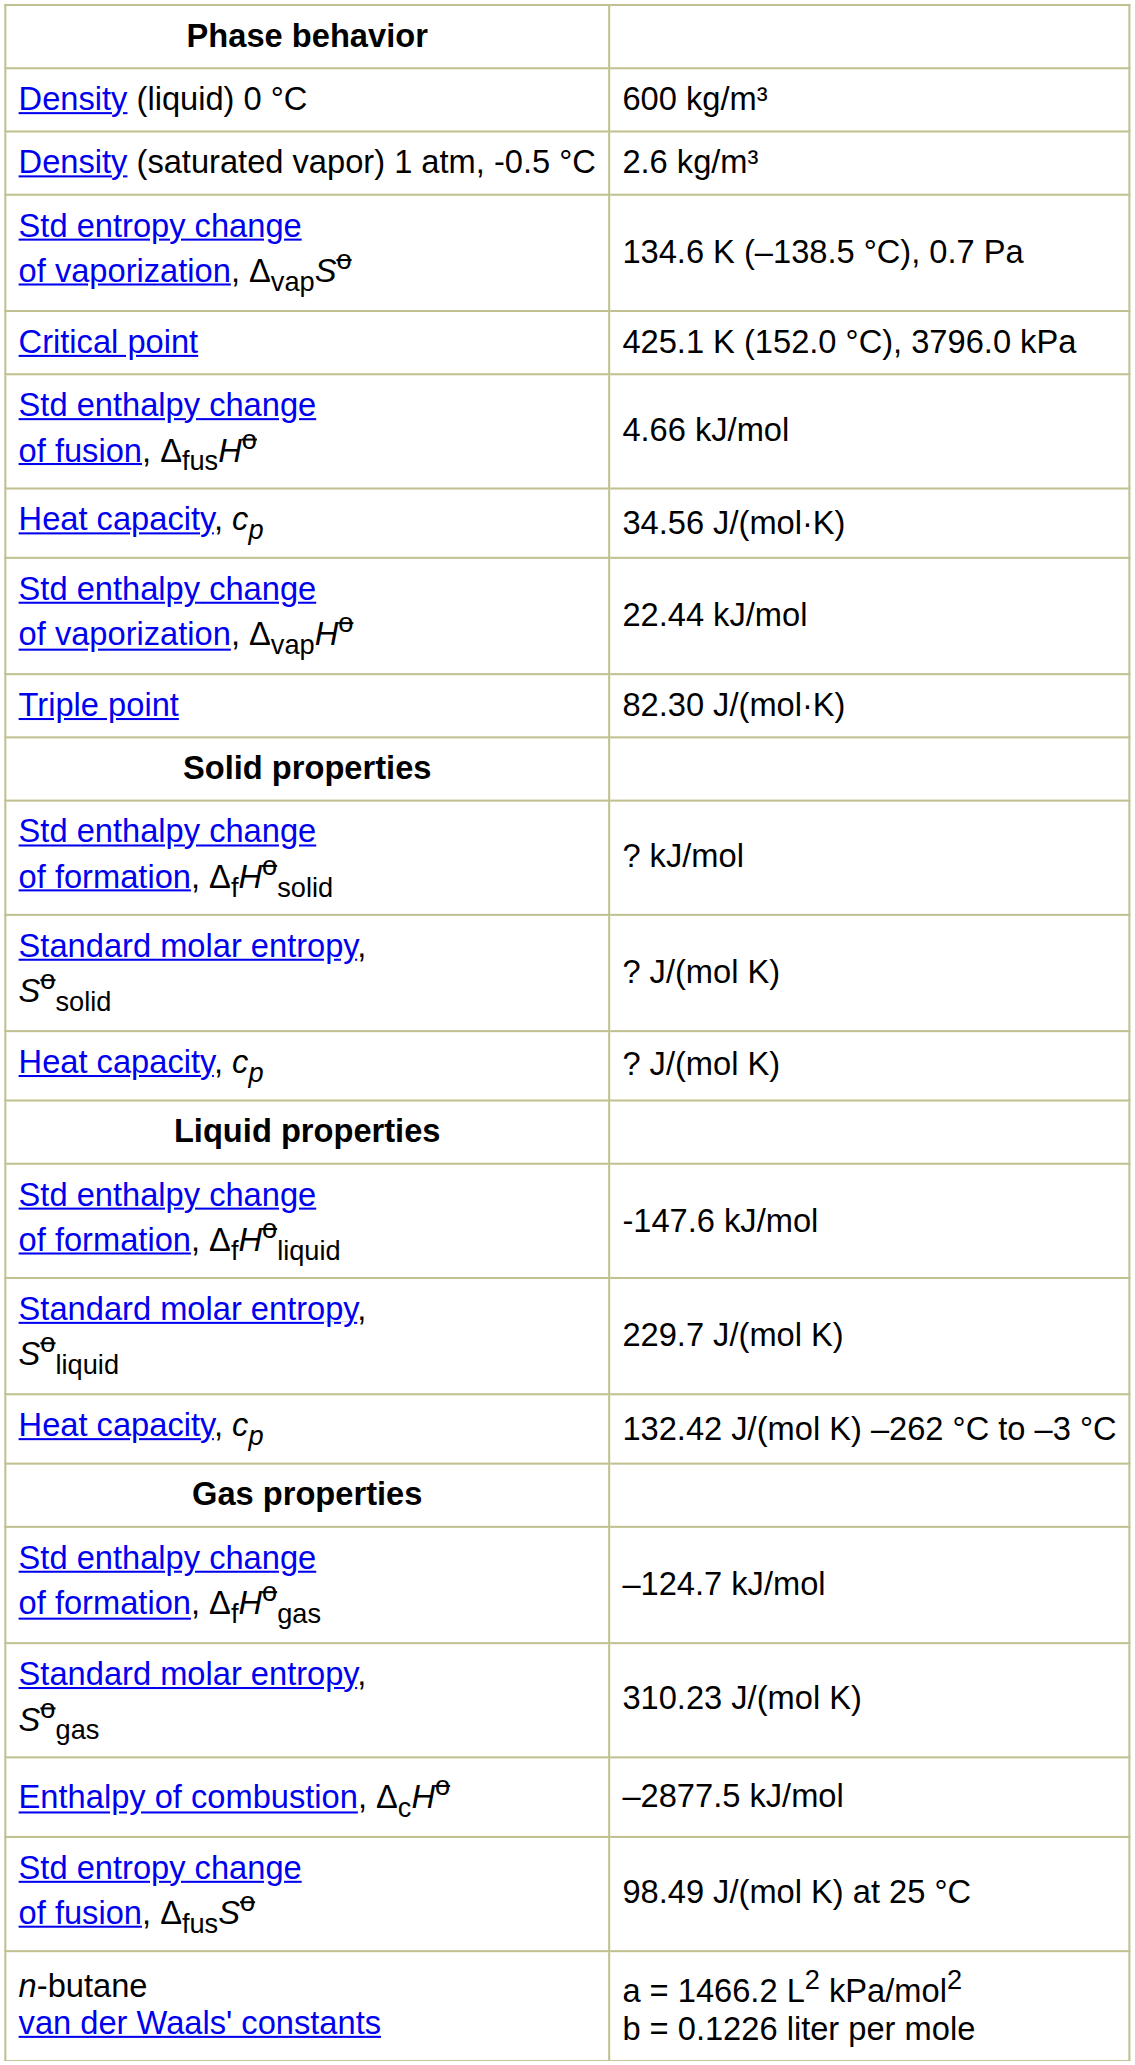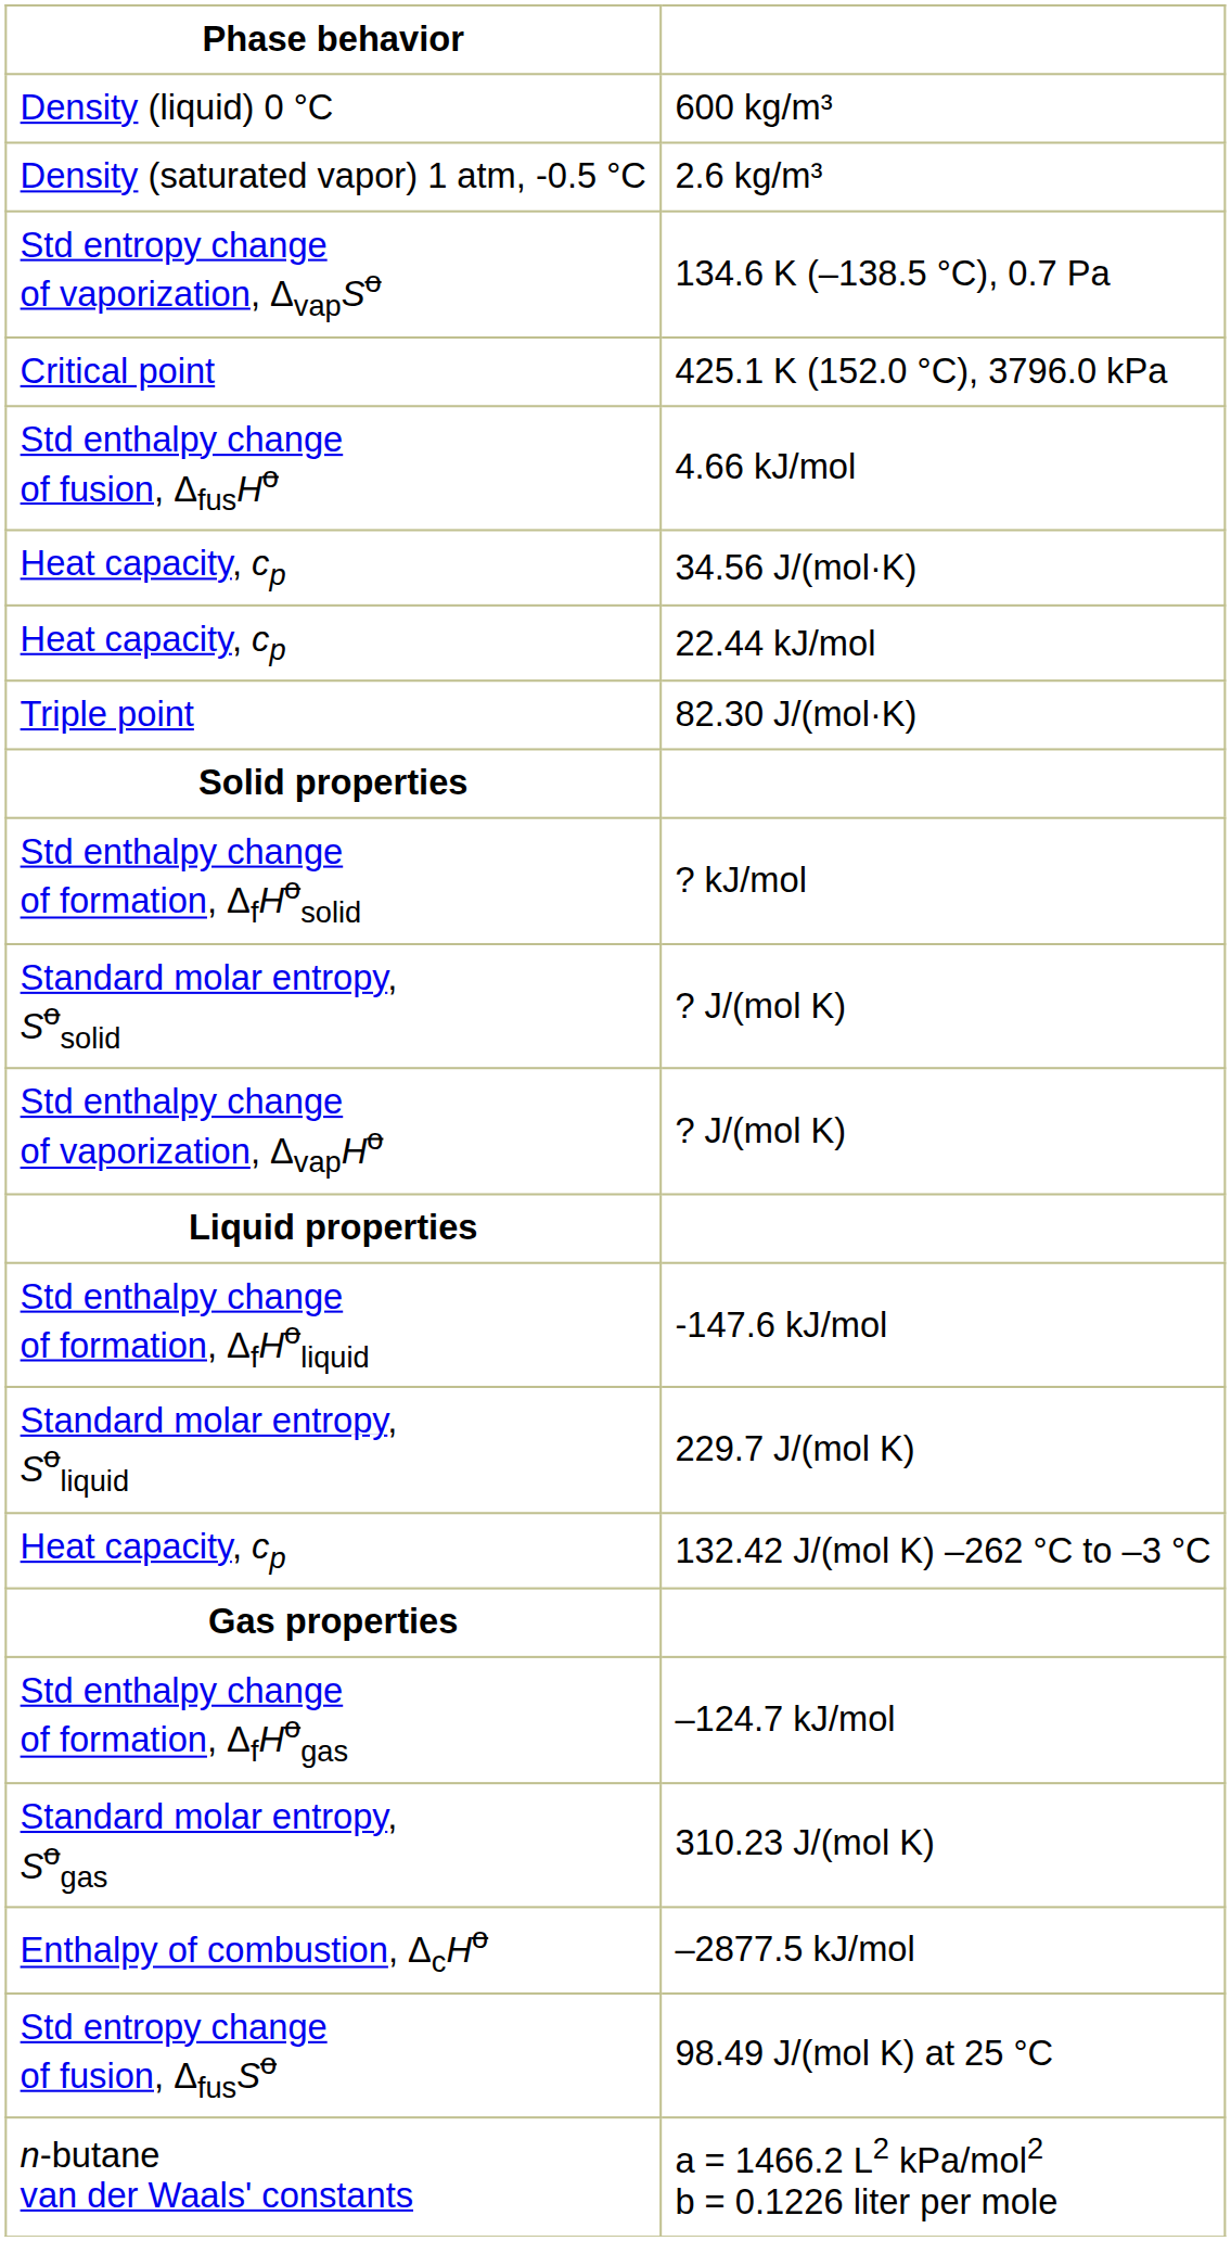 <table border="1" cellspacing="0" cellpadding="6" style="margin: 0 0 0 0.5em; background: #FFFFFF; border-collapse: collapse; border-color: #C0C090;">
 <tr>
 <th>Phase behavior</th>
 </tr>
 <tr>
 <td><a href='#'>Density</a> (liquid) 0 °C</td>
 <td>600 kg/m³</td>
 </tr>
 <tr>
 <td><a href='#'>Density</a> (saturated vapor) 1 atm, -0.5 °C</td>
 <td>2.6 kg/m³</td>
 </tr>
 <tr>
 <td><a href='#'>Std entropy change<br>of vaporization</a>, Δ<sub>vap</sub><em>S</em><sup><s>o</s></sup></td>
 <td>134.6 K (–138.5 °C), 0.7 Pa</td>
 </tr>
 <tr>
 <td><a href='#'>Critical point</a></td>
 <td>425.1 K (152.0 °C), 3796.0 kPa</td>
 </tr>
 <tr>
 <td><a href='#'>Std enthalpy change<br>of fusion</a>, Δ<sub>fus</sub><em>H</em><sup><s>o</s></sup></td>
 <td>4.66 kJ/mol</td>
 </tr>
 <tr>
 <td><a href='#'>Heat capacity</a>, <em>c<sub>p</sub></em></td>
 <td>34.56 J/(mol·K)</td>
 </tr>
 <tr>
-<td><a href='#'>Std enthalpy change<br>of vaporization</a>, Δ<sub>vap</sub><em>H</em><sup><s>o</s></sup></td>
+<td><a href='#'>Heat capacity</a>, <em>c<sub>p</sub></em></td>
 <td>22.44 kJ/mol</td>
 </tr>
 <tr>
 <td><a href='#'>Triple point</a></td>
 <td>82.30 J/(mol·K)</td>
 </tr>
 <tr>
 <th>Solid properties</th>
 </tr>
 <tr>
 <td><a href='#'>Std enthalpy change<br>of formation</a>, Δ<sub>f</sub><em>H</em><sup><s>o</s></sup><sub>solid</sub></td>
 <td>? kJ/mol</td>
 </tr>
 <tr>
 <td><a href='#'>Standard molar entropy</a>,<br><em>S</em><sup><s>o</s></sup><sub>solid</sub></td>
 <td>? J/(mol K)</td>
 </tr>
 <tr>
-<td><a href='#'>Heat capacity</a>, <em>c<sub>p</sub></em></td>
+<td><a href='#'>Std enthalpy change<br>of vaporization</a>, Δ<sub>vap</sub><em>H</em><sup><s>o</s></sup></td>
 <td>? J/(mol K)</td>
 </tr>
 <tr>
 <th>Liquid properties</th>
 </tr>
 <tr>
 <td><a href='#'>Std enthalpy change<br>of formation</a>, Δ<sub>f</sub><em>H</em><sup><s>o</s></sup><sub>liquid</sub></td>
 <td>-147.6 kJ/mol</td>
 </tr>
 <tr>
 <td><a href='#'>Standard molar entropy</a>,<br><em>S</em><sup><s>o</s></sup><sub>liquid</sub></td>
 <td>229.7 J/(mol K)</td>
 </tr>
 <tr>
 <td><a href='#'>Heat capacity</a>, <em>c<sub>p</sub></em></td>
 <td>132.42 J/(mol K) –262 °C to –3 °C</td>
 </tr>
 <tr>
 <th>Gas properties</th>
 </tr>
 <tr>
 <td><a href='#'>Std enthalpy change<br>of formation</a>, Δ<sub>f</sub><em>H</em><sup><s>o</s></sup><sub>gas</sub></td>
 <td>–124.7 kJ/mol</td>
 </tr>
 <tr>
 <td><a href='#'>Standard molar entropy</a>,<br><em>S</em><sup><s>o</s></sup><sub>gas</sub></td>
 <td>310.23 J/(mol K)</td>
 </tr>
 <tr>
 <td><a href='#'>Enthalpy of combustion</a>, Δ<sub>c</sub><em>H</em><sup><s>o</s></sup></td>
 <td>–2877.5 kJ/mol</td>
 </tr>
 <tr>
 <td><a href='#'>Std entropy change<br>of fusion</a>, Δ<sub>fus</sub><em>S</em><sup><s>o</s></sup></td>
 <td>98.49 J/(mol K) at 25 °C</td>
 </tr>
 <tr>
 <td><em>n</em>-butane<br><a href='#'>van der Waals' constants</a></td>
 <td>a = 1466.2 L<sup>2</sup> kPa/mol<sup>2</sup><br> b = 0.1226 liter per mole</td>
 </tr>
 <tr>
 </tr>
 </table>
